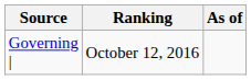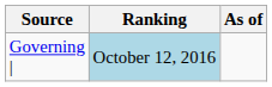 <table class="wikitable" style="text-align:center">
 <tr>
 <th>Source</th>
 <th>Ranking</th>
 <th>As of</th>
 </tr>
 <tr>
 <td style="text-align:left"><a href='#'>Governing</a><br>| </td>
-<td>October 12, 2016</td>
+<td style="background: lightblue;">October 12, 2016</td>
 </tr>
 </table>
